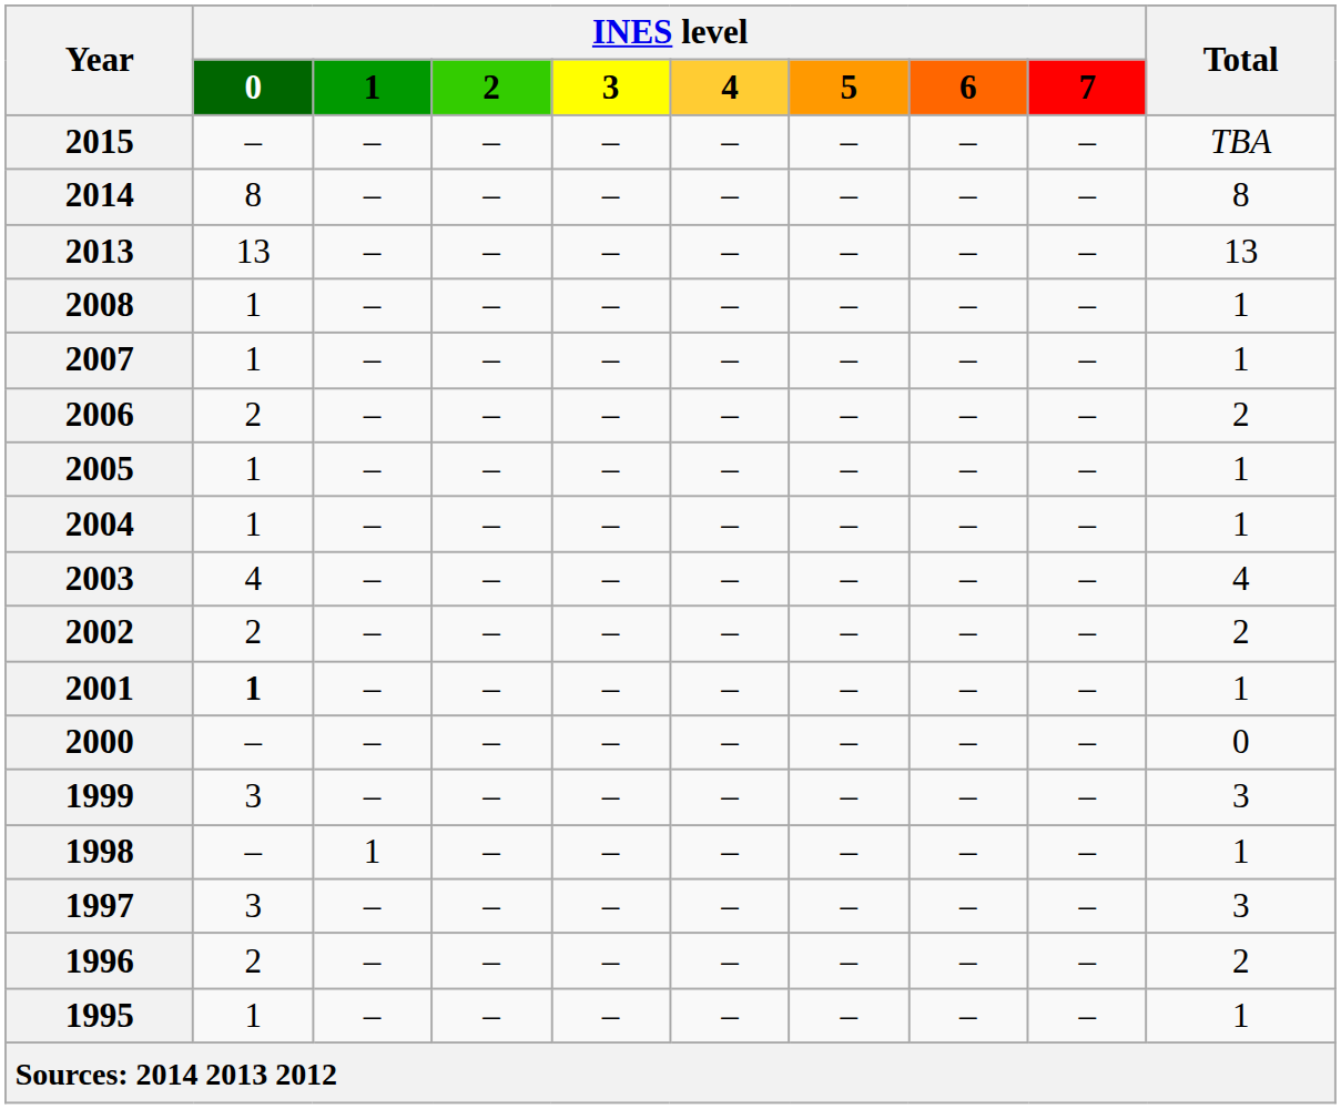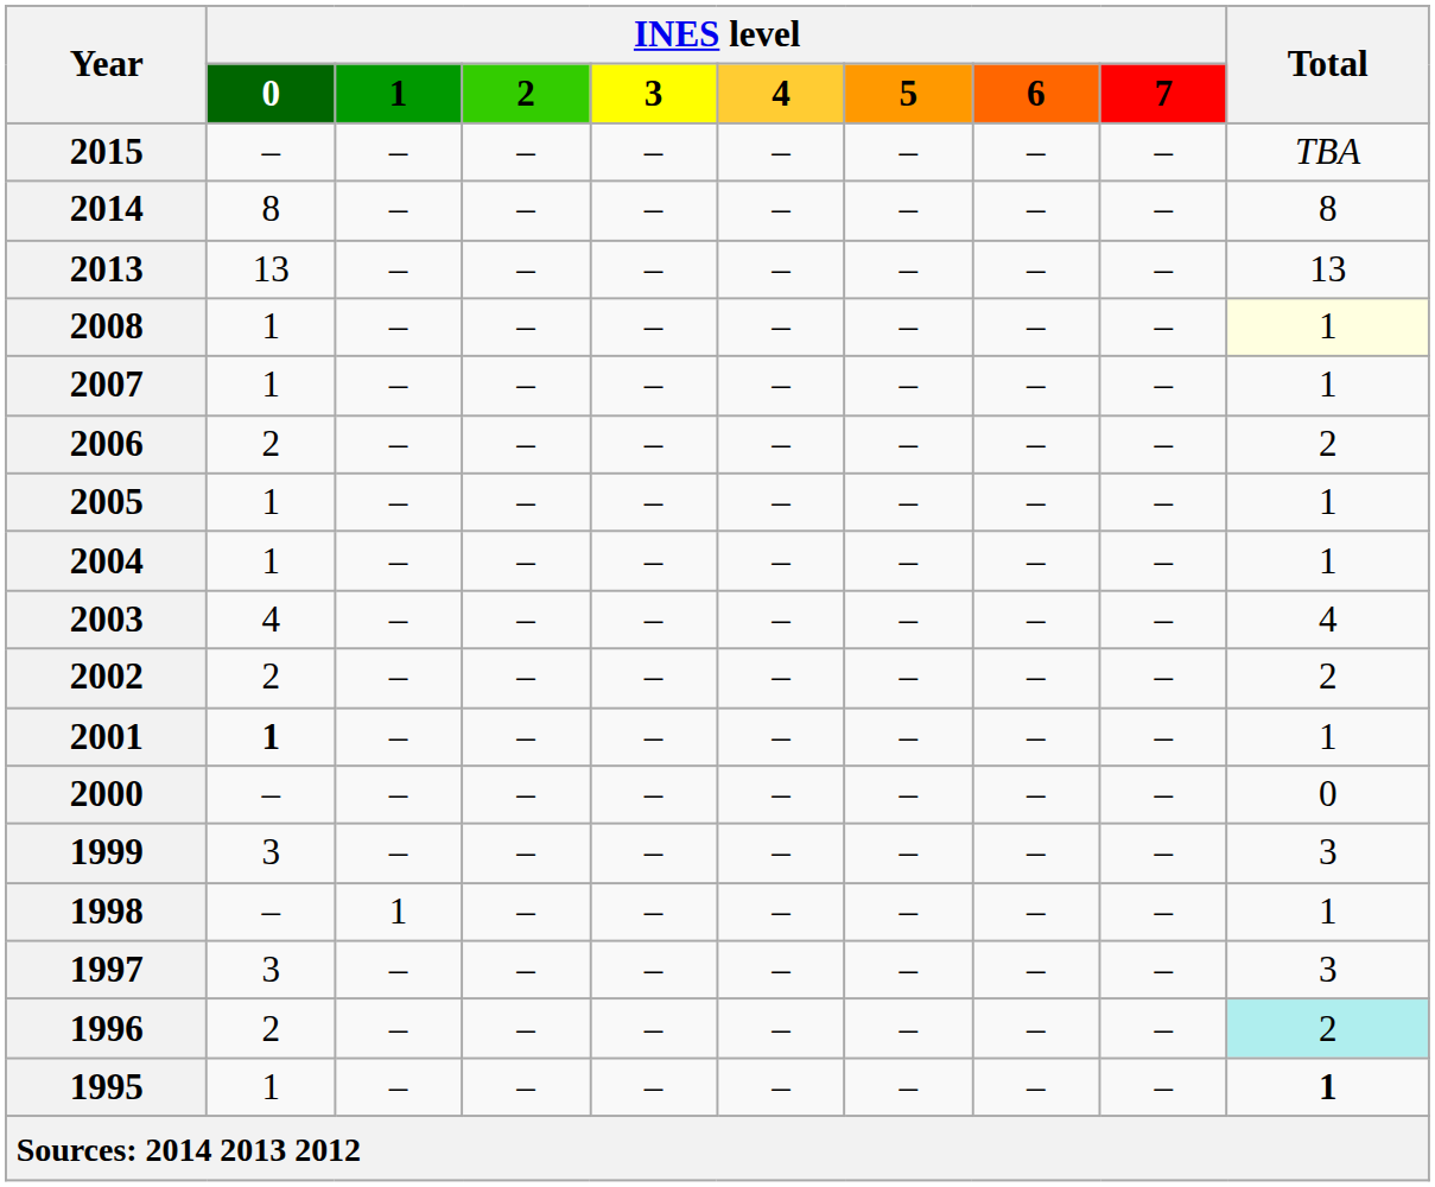 <table class="wikitable" style="text-align: center;">
 <tr>
 <th scope="col" rowspan="2" style="width:5em;">Year</th>
 <th scope="col" colspan="8"><a href='#'>INES</a> level</th>
 <th scope="col" rowspan="2" style="width:5em;">Total</th>
 </tr>
 <tr>
 <th scope="col" style="background-color: #006600; width:3em; color: white;"><strong>0</strong></th>
 <th scope="col" style="background-color: #009900; width:3em;">1</th>
 <th scope="col" style="background-color: #33CC00; width:3em;">2</th>
 <th scope="col" style="background-color: #FFFF00; width:3em;">3</th>
 <th scope="col" style="background-color: #FFCC33; width:3em;">4</th>
 <th scope="col" style="background-color: #FF9900; width:3em;">5</th>
 <th scope="col" style="background-color: #FF6600; width:3em;">6</th>
 <th scope="col" style="background-color: #FF0000; width:3em;">7</th>
 </tr>
 <tr>
 <th scope="row">2015</th>
 <td>–</td>
 <td>–</td>
 <td>–</td>
 <td>–</td>
 <td>–</td>
 <td>–</td>
 <td>–</td>
 <td>–</td>
 <td><em>TBA</em></td>
 </tr>
 <tr>
 <th scope="row">2014</th>
 <td>8</td>
 <td>–</td>
 <td>–</td>
 <td>–</td>
 <td>–</td>
 <td>–</td>
 <td>–</td>
 <td>–</td>
 <td>8</td>
 </tr>
 <tr>
 <th scope="row">2013</th>
 <td>13</td>
 <td>–</td>
 <td>–</td>
 <td>–</td>
 <td>–</td>
 <td>–</td>
 <td>–</td>
 <td>–</td>
 <td>13</td>
 </tr>
 <tr>
 <th scope="row">2008</th>
 <td>1</td>
 <td>–</td>
 <td>–</td>
 <td>–</td>
 <td>–</td>
 <td>–</td>
 <td>–</td>
 <td>–</td>
-<td>1</td>
+<td style="background: lightyellow;">1</td>
 </tr>
 <tr>
 <th scope="row">2007</th>
 <td>1</td>
 <td>–</td>
 <td>–</td>
 <td>–</td>
 <td>–</td>
 <td>–</td>
 <td>–</td>
 <td>–</td>
 <td>1</td>
 </tr>
 <tr>
 <th scope="row">2006</th>
 <td>2</td>
 <td>–</td>
 <td>–</td>
 <td>–</td>
 <td>–</td>
 <td>–</td>
 <td>–</td>
 <td>–</td>
 <td>2</td>
 </tr>
 <tr>
 <th scope="row">2005</th>
 <td>1</td>
 <td>–</td>
 <td>–</td>
 <td>–</td>
 <td>–</td>
 <td>–</td>
 <td>–</td>
 <td>–</td>
 <td>1</td>
 </tr>
 <tr>
 <th scope="row">2004</th>
 <td>1</td>
 <td>–</td>
 <td>–</td>
 <td>–</td>
 <td>–</td>
 <td>–</td>
 <td>–</td>
 <td>–</td>
 <td>1</td>
 </tr>
 <tr>
 <th scope="row">2003</th>
 <td>4</td>
 <td>–</td>
 <td>–</td>
 <td>–</td>
 <td>–</td>
 <td>–</td>
 <td>–</td>
 <td>–</td>
 <td>4</td>
 </tr>
 <tr>
 <th scope="row">2002</th>
 <td>2</td>
 <td>–</td>
 <td>–</td>
 <td>–</td>
 <td>–</td>
 <td>–</td>
 <td>–</td>
 <td>–</td>
 <td>2</td>
 </tr>
 <tr>
 <th scope="row">2001</th>
 <td><strong>1</strong></td>
 <td>–</td>
 <td>–</td>
 <td>–</td>
 <td>–</td>
 <td>–</td>
 <td>–</td>
 <td>–</td>
 <td>1</td>
 </tr>
 <tr>
 <th scope="row">2000</th>
 <td>–</td>
 <td>–</td>
 <td>–</td>
 <td>–</td>
 <td>–</td>
 <td>–</td>
 <td>–</td>
 <td>–</td>
 <td>0</td>
 </tr>
 <tr>
 <th scope="row">1999</th>
 <td>3</td>
 <td>–</td>
 <td>–</td>
 <td>–</td>
 <td>–</td>
 <td>–</td>
 <td>–</td>
 <td>–</td>
 <td>3</td>
 </tr>
 <tr>
 <th scope="row">1998</th>
 <td>–</td>
 <td>1</td>
 <td>–</td>
 <td>–</td>
 <td>–</td>
 <td>–</td>
 <td>–</td>
 <td>–</td>
 <td>1</td>
 </tr>
 <tr>
 <th scope="row">1997</th>
 <td>3</td>
 <td>–</td>
 <td>–</td>
 <td>–</td>
 <td>–</td>
 <td>–</td>
 <td>–</td>
 <td>–</td>
 <td>3</td>
 </tr>
 <tr>
 <th scope="row">1996</th>
 <td>2</td>
 <td>–</td>
 <td>–</td>
 <td>–</td>
 <td>–</td>
 <td>–</td>
 <td>–</td>
 <td>–</td>
-<td>2</td>
+<td style="background: paleturquoise;">2</td>
 </tr>
 <tr>
 <th scope="row">1995</th>
 <td>1</td>
 <td>–</td>
 <td>–</td>
 <td>–</td>
 <td>–</td>
 <td>–</td>
 <td>–</td>
 <td>–</td>
-<td>1<br></td>
+<td><strong>1<br></strong></td>
 </tr>
 <tr>
 <th scope="row" colspan="10" style="font-size: 90%; padding: 6px 2px 4px 4px; text-align: left;"><strong>Sources</strong>: 2014 2013 2012</th>
 </tr>
 </table>
